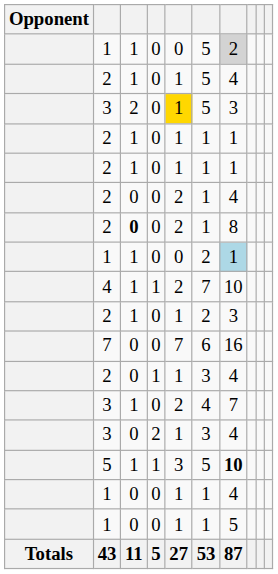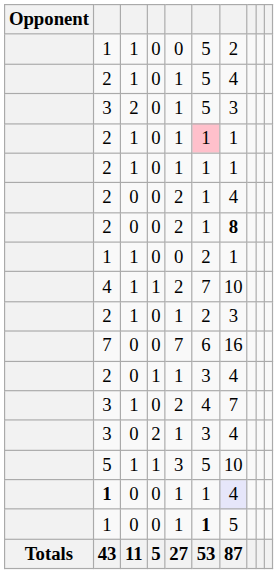 <table class="wikitable plainrowheaders sortable" style="text-align:center">
 <tr>
 <th scope=col>Opponent</th>
 <th scope=col></th>
 <th scope=col></th>
 <th scope=col></th>
 <th scope=col></th>
 <th scope=col></th>
 <th scope=col></th>
 <th scope=col></th>
 <th scope=col></th>
 <th scope=col></th>
 </tr>
 <tr>
 <th scope=row style="text-align:left;"></th>
 <td>1</td>
 <td>1</td>
 <td>0</td>
 <td>0</td>
 <td>5</td>
-<td style="background: lightgrey;">2</td>
+<td>2</td>
 <td></td>
 <td></td>
 <td></td>
 </tr>
 <tr>
 <th scope=row style="text-align:left;"></th>
 <td>2</td>
 <td>1</td>
 <td>0</td>
 <td>1</td>
 <td>5</td>
 <td>4</td>
 <td></td>
 <td></td>
 <td></td>
 </tr>
 <tr>
 <th scope=row style="text-align:left;"></th>
 <td>3</td>
 <td>2</td>
 <td>0</td>
-<td style="background: gold;">1</td>
+<td>1</td>
 <td>5</td>
 <td>3</td>
 <td></td>
 <td></td>
 <td></td>
 </tr>
 <tr>
 <th scope=row style="text-align:left;"></th>
 <td>2</td>
 <td>1</td>
 <td>0</td>
 <td>1</td>
-<td>1</td>
+<td style="background: pink;">1</td>
 <td>1</td>
 <td></td>
 <td></td>
 <td></td>
 </tr>
 <tr>
 <th scope=row style="text-align:left;"></th>
 <td>2</td>
 <td>1</td>
 <td>0</td>
 <td>1</td>
 <td>1</td>
 <td>1</td>
 <td></td>
 <td></td>
 <td></td>
 </tr>
 <tr>
 <th scope=row style="text-align:left;"></th>
 <td>2</td>
 <td>0</td>
 <td>0</td>
 <td>2</td>
 <td>1</td>
 <td>4</td>
 <td></td>
 <td></td>
 <td></td>
 </tr>
 <tr>
 <th scope=row style="text-align:left;"></th>
 <td>2</td>
-<td><strong>0</strong></td>
+<td>0</td>
 <td>0</td>
 <td>2</td>
 <td>1</td>
-<td>8</td>
+<td><strong>8</strong></td>
 <td></td>
 <td></td>
 <td></td>
 </tr>
 <tr>
 <th scope=row style="text-align:left;"></th>
 <td>1</td>
 <td>1</td>
 <td>0</td>
 <td>0</td>
 <td>2</td>
-<td style="background: lightblue;">1</td>
+<td>1</td>
 <td></td>
 <td></td>
 <td></td>
 </tr>
 <tr>
 <th scope=row style="text-align:left;"></th>
 <td>4</td>
 <td>1</td>
 <td>1</td>
 <td>2</td>
 <td>7</td>
 <td>10</td>
 <td></td>
 <td></td>
 <td></td>
 </tr>
 <tr>
 <th scope=row style="text-align:left;"></th>
 <td>2</td>
 <td>1</td>
 <td>0</td>
 <td>1</td>
 <td>2</td>
 <td>3</td>
 <td></td>
 <td></td>
 <td></td>
 </tr>
 <tr>
 <th scope=row style="text-align:left;"></th>
 <td>7</td>
 <td>0</td>
 <td>0</td>
 <td>7</td>
 <td>6</td>
 <td>16</td>
 <td></td>
 <td></td>
 <td></td>
 </tr>
 <tr>
 <th scope=row style="text-align:left;"></th>
 <td>2</td>
 <td>0</td>
 <td>1</td>
 <td>1</td>
 <td>3</td>
 <td>4</td>
 <td></td>
 <td></td>
 <td></td>
 </tr>
 <tr>
 <th scope=row style="text-align:left;"></th>
 <td>3</td>
 <td>1</td>
 <td>0</td>
 <td>2</td>
 <td>4</td>
 <td>7</td>
 <td></td>
 <td></td>
 <td></td>
 </tr>
 <tr>
 <th scope=row style="text-align:left;"></th>
 <td>3</td>
 <td>0</td>
 <td>2</td>
 <td>1</td>
 <td>3</td>
 <td>4</td>
 <td></td>
 <td></td>
 <td></td>
 </tr>
 <tr>
 <th scope=row style="text-align:left;"></th>
 <td>5</td>
 <td>1</td>
 <td>1</td>
 <td>3</td>
 <td>5</td>
-<td><strong>10</strong></td>
+<td>10</td>
+<td></td>
+<td></td>
+<td></td>
+</tr>
+<tr>
+<th scope=row style="text-align:left;"></th>
+<td><strong>1</strong></td>
+<td>0</td>
+<td>0</td>
+<td>1</td>
+<td>1</td>
+<td style="background: lavender;">4</td>
 <td></td>
 <td></td>
 <td></td>
 </tr>
 <tr>
 <th scope=row style="text-align:left;"></th>
 <td>1</td>
 <td>0</td>
 <td>0</td>
 <td>1</td>
-<td>1</td>
-<td>4</td>
-<td></td>
-<td></td>
-<td></td>
-</tr>
-<tr>
-<th scope=row style="text-align:left;"></th>
-<td>1</td>
-<td>0</td>
-<td>0</td>
-<td>1</td>
-<td>1</td>
+<td><strong>1</strong></td>
 <td>5</td>
 <td></td>
 <td></td>
 <td></td>
 </tr>
 <tr class="sortbottom">
 <th>Totals</th>
 <th>43</th>
 <th>11</th>
 <th>5</th>
 <th>27</th>
 <th>53</th>
 <th>87</th>
 <th></th>
 <th></th>
 <th></th>
 </tr>
 </table>
